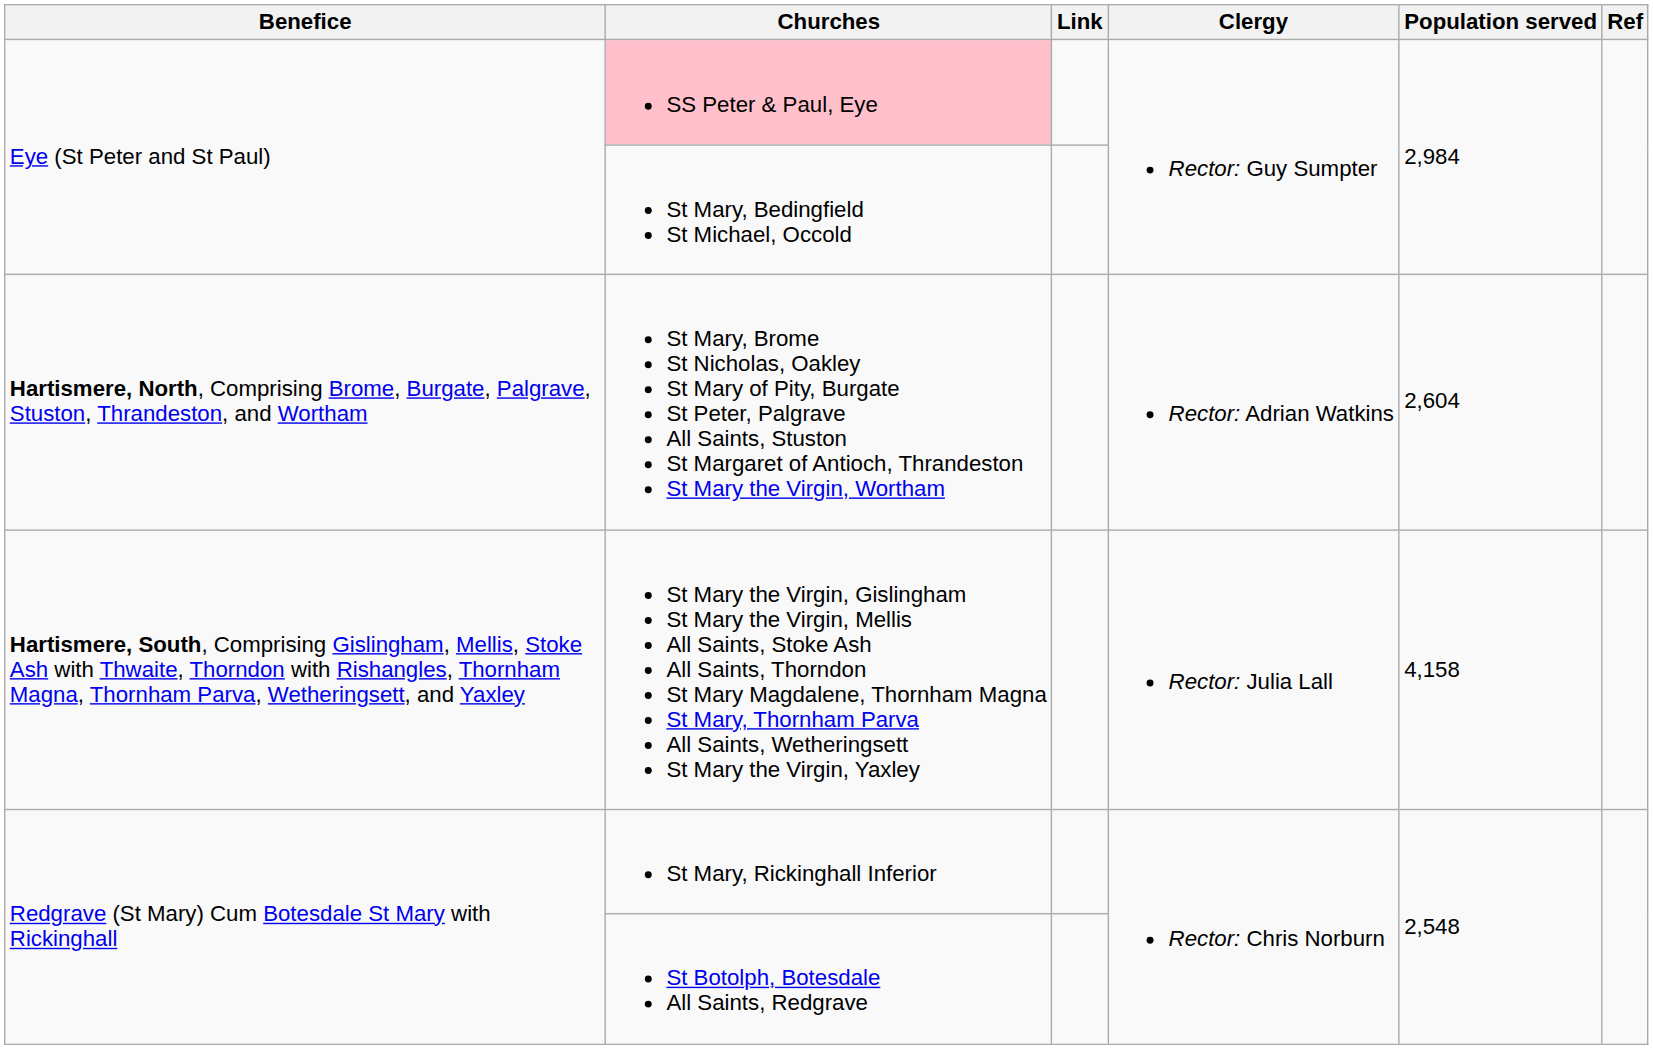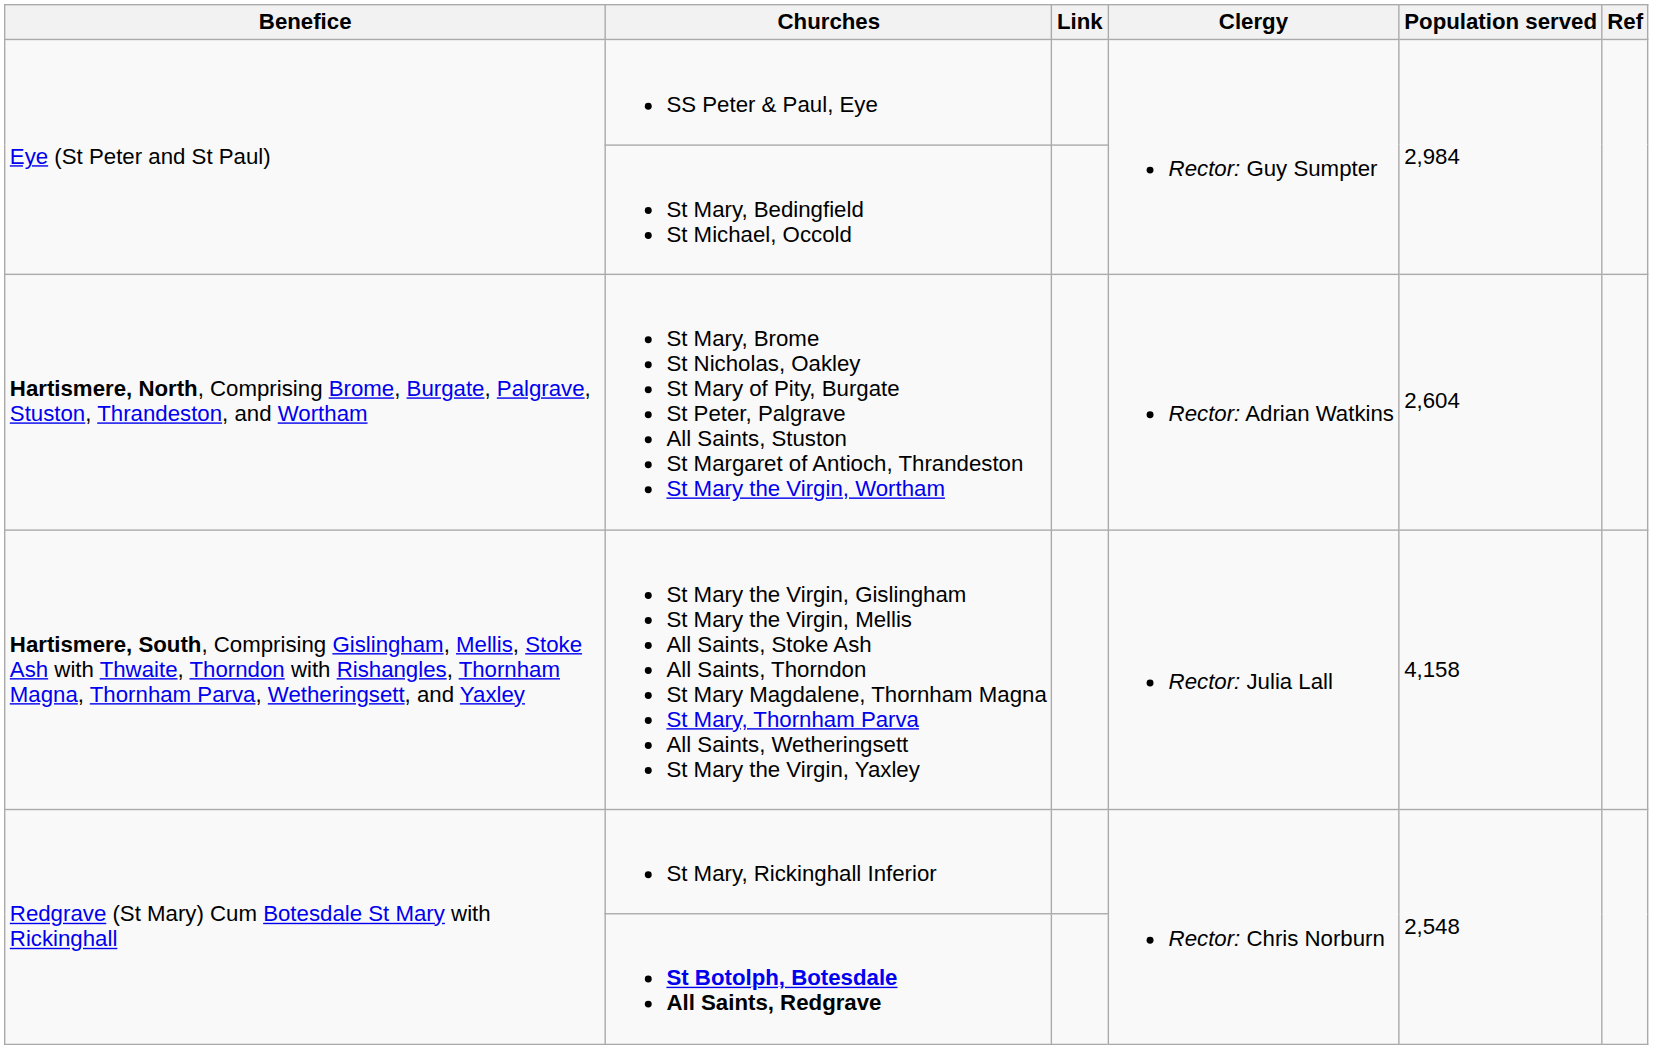 <table class="wikitable">
 <tr>
 <th width="425">Benefice</th>
 <th>Churches</th>
 <th>Link</th>
 <th>Clergy</th>
 <th>Population served</th>
 <th>Ref</th>
 </tr>
 <tr>
 <td rowspan="2"><a href='#'>Eye</a> (St Peter and St Paul)</td>
-<td style="background: pink;"><br><ul><li>SS Peter & Paul, Eye</li></ul></td>
+<td><br><ul><li>SS Peter & Paul, Eye</li></ul></td>
 <td></td>
 <td rowspan="2"><br><ul><li><em>Rector:</em> Guy Sumpter</li></ul></td>
 <td rowspan="2">2,984</td>
 <td rowspan="2"></td>
 </tr>
 <tr>
 <td><br><ul><li>St Mary, Bedingfield</li><li>St Michael, Occold</li></ul></td>
 <td></td>
 </tr>
 <tr>
 <td><strong>Hartismere, North</strong>, Comprising <a href='#'>Brome</a>, <a href='#'>Burgate</a>, <a href='#'>Palgrave</a>, <a href='#'>Stuston</a>, <a href='#'>Thrandeston</a>, and <a href='#'>Wortham</a></td>
 <td><br><ul><li>St Mary, Brome</li><li>St Nicholas, Oakley</li><li>St Mary of Pity, Burgate</li><li>St Peter, Palgrave</li><li>All Saints, Stuston</li><li>St Margaret of Antioch, Thrandeston</li><li><a href='#'>St Mary the Virgin, Wortham</a></li></ul></td>
 <td></td>
 <td><br><ul><li><em>Rector:</em> Adrian Watkins</li></ul></td>
 <td>2,604</td>
 <td></td>
 </tr>
 <tr>
 <td><strong>Hartismere, South</strong>, Comprising <a href='#'>Gislingham</a>, <a href='#'>Mellis</a>, <a href='#'>Stoke Ash</a> with <a href='#'>Thwaite</a>, <a href='#'>Thorndon</a> with <a href='#'>Rishangles</a>, <a href='#'>Thornham Magna</a>, <a href='#'>Thornham Parva</a>, <a href='#'>Wetheringsett</a>, and <a href='#'>Yaxley</a></td>
 <td><br><ul><li>St Mary the Virgin, Gislingham</li><li>St Mary the Virgin, Mellis</li><li>All Saints, Stoke Ash</li><li>All Saints, Thorndon</li><li>St Mary Magdalene, Thornham Magna</li><li><a href='#'>St Mary, Thornham Parva</a></li><li>All Saints, Wetheringsett</li><li>St Mary the Virgin, Yaxley</li></ul></td>
 <td></td>
 <td><br><ul><li><em>Rector:</em> Julia Lall</li></ul></td>
 <td>4,158</td>
 <td></td>
 </tr>
 <tr>
 <td rowspan="2"><a href='#'>Redgrave</a> (St Mary) Cum <a href='#'>Botesdale St Mary</a> with <a href='#'>Rickinghall</a></td>
 <td><br><ul><li>St Mary, Rickinghall Inferior</li></ul></td>
 <td> </td>
 <td rowspan="2"><br><ul><li><em>Rector:</em> Chris Norburn</li></ul></td>
 <td rowspan="2">2,548</td>
 <td rowspan="2"></td>
 </tr>
 <tr>
-<td><br><ul><li><a href='#'>St Botolph, Botesdale</a></li><li>All Saints, Redgrave</li></ul></td>
+<td><strong><br><ul><li><a href='#'>St Botolph, Botesdale</a></li><li>All Saints, Redgrave</li></ul></strong></td>
 <td></td>
 </tr>
 </table>
